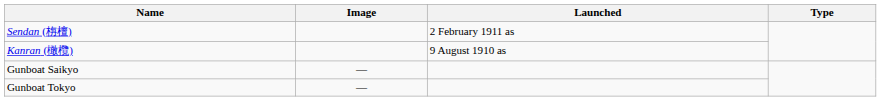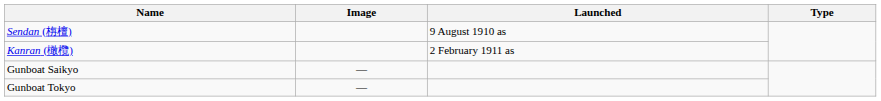 <table class="wikitable" width="100%">
 <tr>
 <th>Name</th>
 <th>Image</th>
 <th>Launched</th>
 <th>Type</th>
 </tr>
 <tr>
 <td><a href='#'><em>Sendan</em> (栴檀)</a></td>
 <td align=center></td>
-<td>2 February 1911 as </td>
+<td>9 August 1910 as </td>
 <td rowspan=2></td>
 </tr>
 <tr>
 <td><a href='#'><em>Kanran</em> (橄欖)</a></td>
 <td align=center></td>
-<td>9 August 1910 as </td>
+<td>2 February 1911 as </td>
 </tr>
 <tr>
 <td>Gunboat Saikyo</td>
 <td align=center>—</td>
 <td></td>
 </tr>
 <tr>
 <td>Gunboat Tokyo</td>
 <td align=center>—</td>
 <td></td>
 </tr>
 </table>
